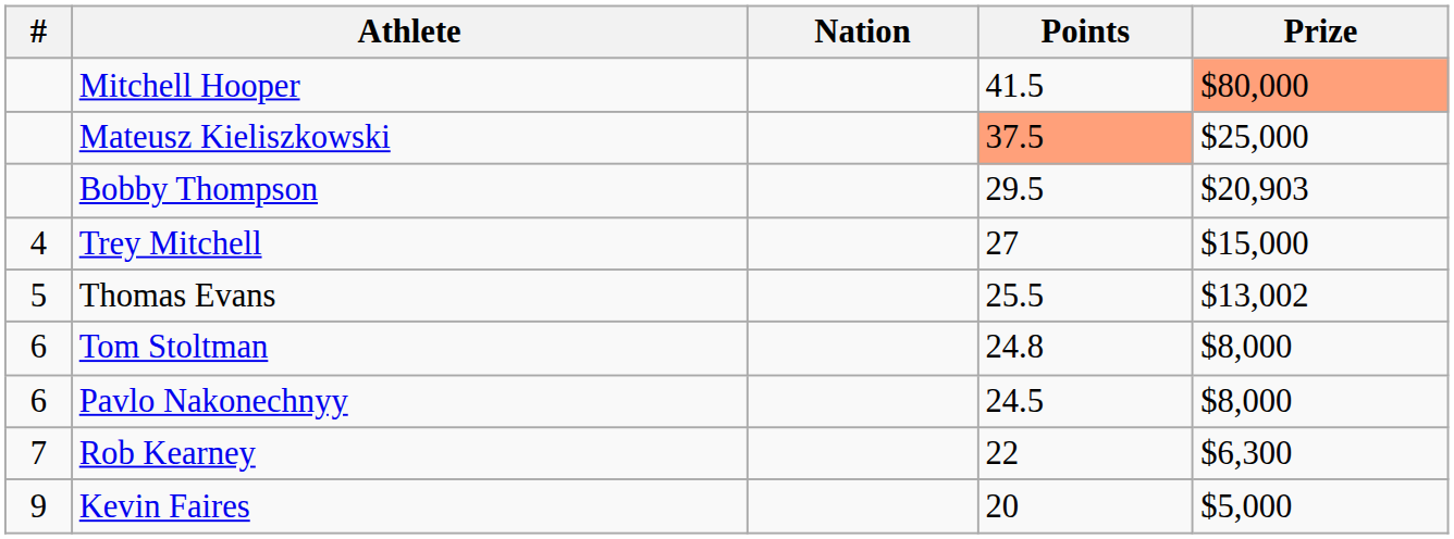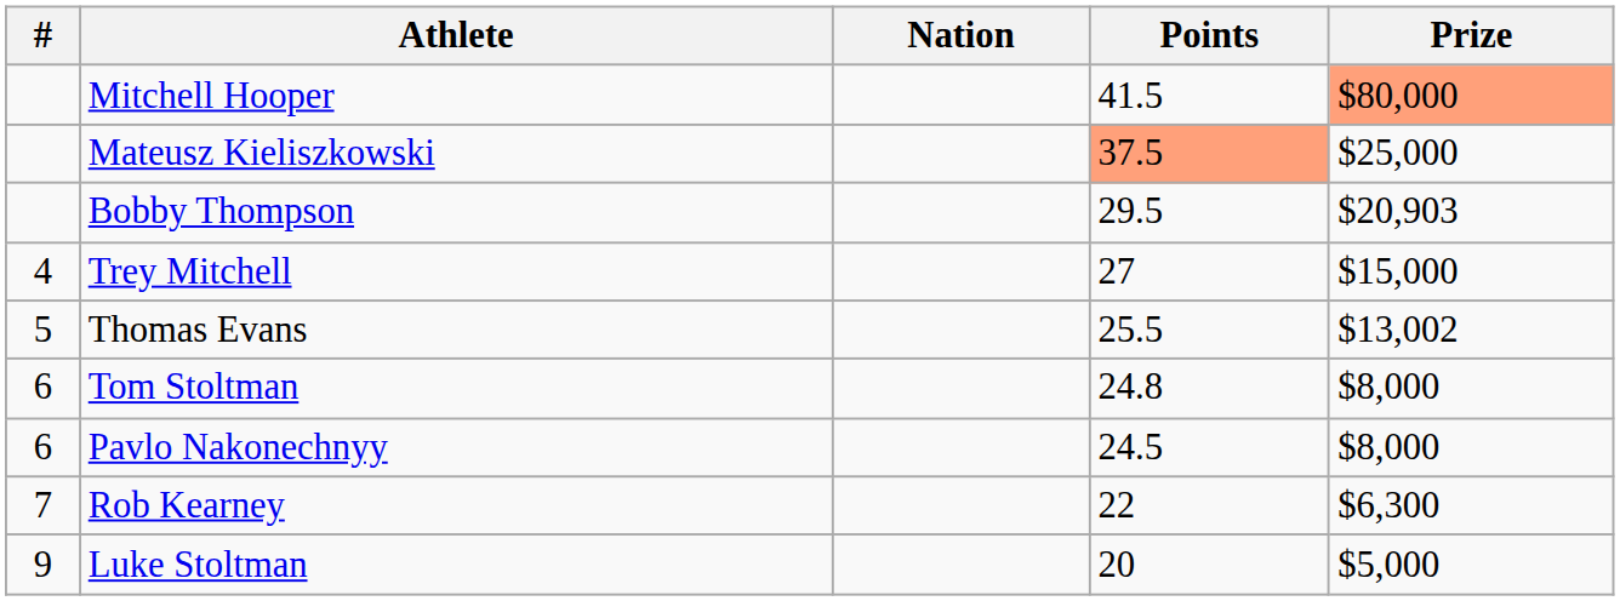 <table class="wikitable" style="display: inline-table;width: 55%;">
 <tr>
 <th scope="col">#</th>
 <th scope="col">Athlete</th>
 <th scope="col">Nation</th>
 <th scope="col">Points</th>
 <th scope="col">Prize</th>
 </tr>
 <tr>
 <td align="center"></td>
 <td><a href='#'>Mitchell Hooper</a></td>
 <td></td>
 <td>41.5</td>
 <td style="background: lightsalmon;">$80,000</td>
 </tr>
 <tr>
 <td align="center"></td>
 <td><a href='#'>Mateusz Kieliszkowski</a></td>
 <td></td>
 <td style="background: lightsalmon;">37.5</td>
 <td>$25,000</td>
 </tr>
 <tr>
 <td align="center"></td>
 <td><a href='#'>Bobby Thompson</a></td>
 <td></td>
 <td>29.5</td>
 <td>$20,903</td>
 </tr>
 <tr>
 <td align="center">4</td>
 <td><a href='#'>Trey Mitchell</a></td>
 <td></td>
 <td>27</td>
 <td>$15,000</td>
 </tr>
 <tr>
 <td align="center">5</td>
 <td>Thomas Evans</td>
 <td></td>
 <td>25.5</td>
 <td>$13,002</td>
 </tr>
 <tr>
 <td align="center">6</td>
 <td><a href='#'>Tom Stoltman</a></td>
 <td></td>
 <td>24.8</td>
 <td>$8,000</td>
 </tr>
 <tr>
 <td align="center">6</td>
 <td><a href='#'>Pavlo Nakonechnyy</a></td>
 <td></td>
 <td>24.5</td>
 <td>$8,000</td>
 </tr>
 <tr>
 <td align="center">7</td>
 <td><a href='#'>Rob Kearney</a></td>
 <td></td>
 <td>22</td>
 <td>$6,300</td>
 </tr>
 <tr>
 <td align="center">9</td>
-<td><a href='#'>Kevin Faires</a></td>
+<td><a href='#'>Luke Stoltman</a></td>
 <td></td>
 <td>20</td>
 <td>$5,000</td>
 </tr>
 </table>
